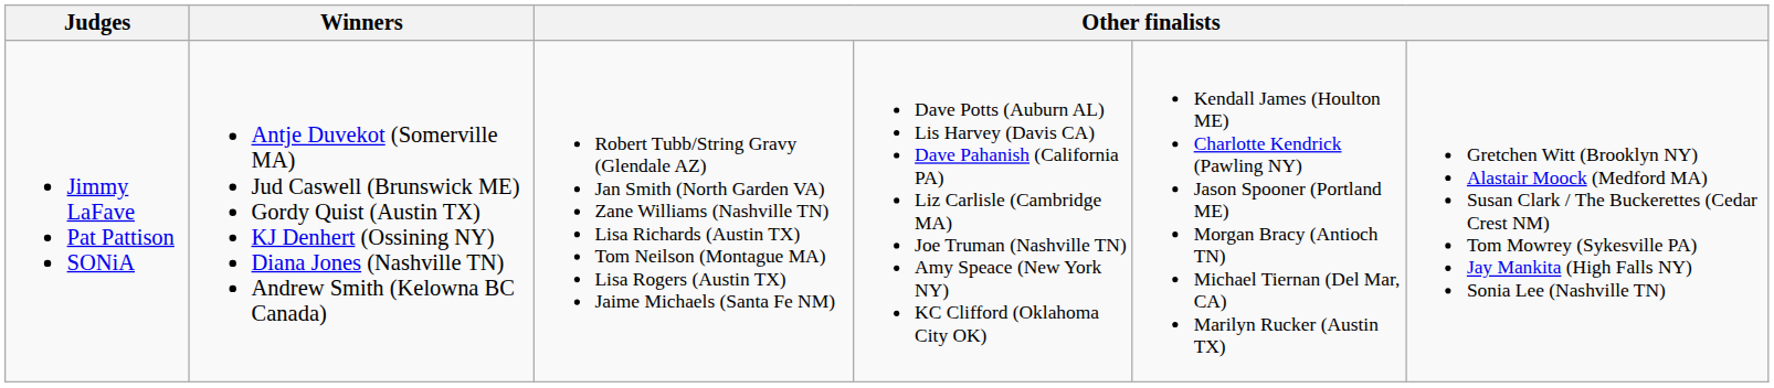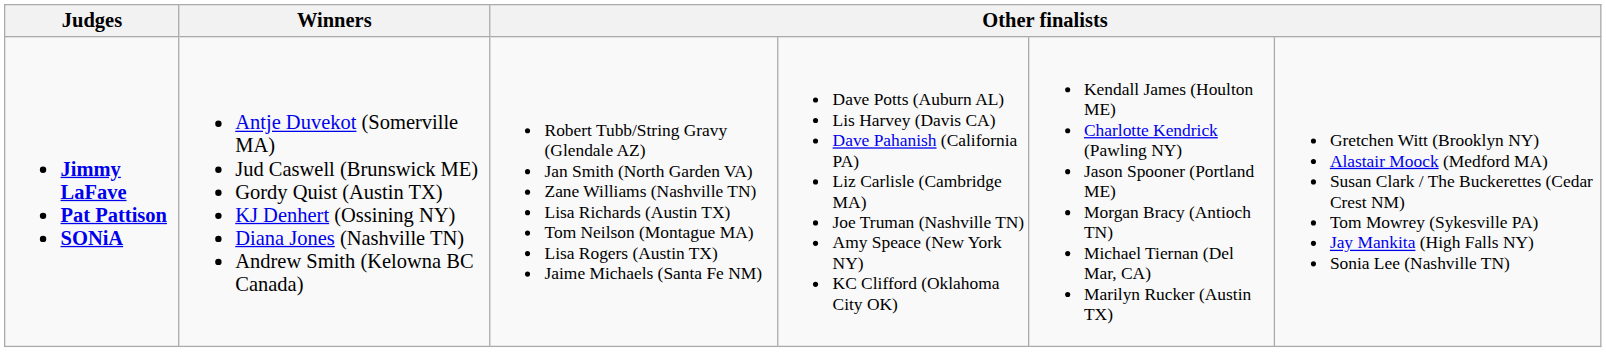 <table class="wikitable mw-collapsible mw-collapsed" style="text-align:left">
 <tr>
 <th>Judges</th>
 <th>Winners</th>
 <th colspan="4" align="center">Other finalists</th>
 </tr>
 <tr>
-<td><br><ul><li><a href='#'>Jimmy LaFave</a></li><li><a href='#'>Pat Pattison</a></li><li><a href='#'>SONiA</a></li></ul></td>
+<td><strong><br><ul><li><a href='#'>Jimmy LaFave</a></li><li><a href='#'>Pat Pattison</a></li><li><a href='#'>SONiA</a></li></ul></strong></td>
 <td><br><ul><li><a href='#'>Antje Duvekot</a> (Somerville MA)</li><li>Jud Caswell (Brunswick ME)</li><li>Gordy Quist (Austin TX)</li><li><a href='#'>KJ Denhert</a> (Ossining NY)</li><li><a href='#'>Diana Jones</a> (Nashville TN)</li><li>Andrew Smith (Kelowna BC Canada)</li></ul></td>
 <td style="font-size:85%"><br><ul><li>Robert Tubb/String Gravy (Glendale AZ)</li><li>Jan Smith (North Garden VA)</li><li>Zane Williams (Nashville TN)</li><li>Lisa Richards (Austin TX)</li><li>Tom Neilson (Montague MA)</li><li>Lisa Rogers (Austin TX) </li><li>Jaime Michaels (Santa Fe NM)</li></ul></td>
 <td style="font-size:85%"><br><ul><li>Dave Potts (Auburn AL)</li><li>Lis Harvey (Davis CA)</li><li><a href='#'>Dave Pahanish</a> (California PA)</li><li>Liz Carlisle (Cambridge MA)</li><li>Joe Truman (Nashville TN)</li><li>Amy Speace (New York NY)</li><li>KC Clifford (Oklahoma City OK)</li></ul></td>
 <td style="font-size:85%"><br><ul><li>Kendall James (Houlton ME)</li><li><a href='#'>Charlotte Kendrick</a> (Pawling NY)</li><li>Jason Spooner (Portland ME)</li><li>Morgan Bracy (Antioch TN)</li><li>Michael Tiernan (Del Mar, CA)</li><li>Marilyn Rucker (Austin TX)</li></ul></td>
 <td style="font-size:85%"><br><ul><li>Gretchen Witt (Brooklyn NY)</li><li><a href='#'>Alastair Moock</a> (Medford MA)</li><li>Susan Clark / The Buckerettes (Cedar Crest NM)</li><li>Tom Mowrey (Sykesville PA)</li><li><a href='#'>Jay Mankita</a> (High Falls NY)</li><li>Sonia Lee (Nashville TN)</li></ul></td>
 </tr>
 </table>
